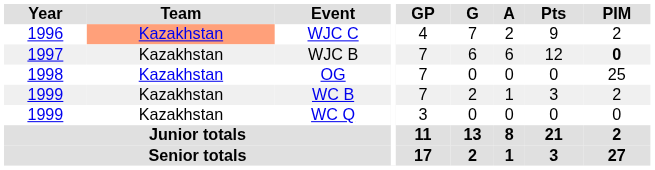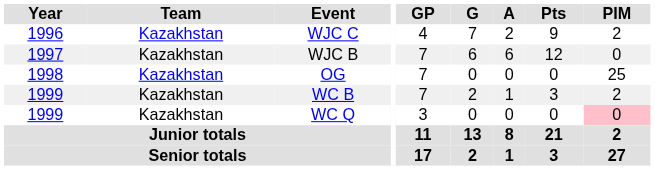 <table border="0" cellpadding="1" cellspacing="0" style="text-align:center; width:40em">
 <tr bgcolor="#e0e0e0">
 <th>Year</th>
 <th>Team</th>
 <th>Event</th>
 <th rowspan="99" bgcolor="#ffffff"></th>
 <th>GP</th>
 <th>G</th>
 <th>A</th>
 <th>Pts</th>
 <th>PIM</th>
 </tr>
 <tr>
 <td><a href='#'>1996</a></td>
-<td style="background: lightsalmon;"><a href='#'>Kazakhstan</a></td>
+<td><a href='#'>Kazakhstan</a></td>
 <td><a href='#'>WJC C</a></td>
 <td>4</td>
 <td>7</td>
 <td>2</td>
 <td>9</td>
 <td>2</td>
 </tr>
 <tr bgcolor="#f0f0f0">
 <td><a href='#'>1997</a></td>
 <td>Kazakhstan</td>
 <td>WJC B</td>
 <td>7</td>
 <td>6</td>
 <td>6</td>
 <td>12</td>
-<td><strong>0</strong></td>
+<td>0</td>
 </tr>
 <tr>
 <td><a href='#'>1998</a></td>
 <td><a href='#'>Kazakhstan</a></td>
 <td><a href='#'>OG</a></td>
 <td>7</td>
 <td>0</td>
 <td>0</td>
 <td>0</td>
 <td>25</td>
 </tr>
 <tr bgcolor="#f0f0f0">
 <td><a href='#'>1999</a></td>
 <td>Kazakhstan</td>
 <td><a href='#'>WC B</a></td>
 <td>7</td>
 <td>2</td>
 <td>1</td>
 <td>3</td>
 <td>2</td>
 </tr>
 <tr>
 <td><a href='#'>1999</a></td>
 <td>Kazakhstan</td>
 <td><a href='#'>WC Q</a></td>
 <td>3</td>
 <td>0</td>
 <td>0</td>
 <td>0</td>
-<td>0</td>
+<td style="background: pink;">0</td>
 </tr>
 <tr bgcolor="#e0e0e0">
 <th colspan="3">Junior totals</th>
 <th>11</th>
 <th>13</th>
 <th>8</th>
 <th>21</th>
 <th>2</th>
 </tr>
 <tr bgcolor="#e0e0e0">
 <th colspan="3">Senior totals</th>
 <th>17</th>
 <th>2</th>
 <th>1</th>
 <th>3</th>
 <th>27</th>
 </tr>
 </table>
